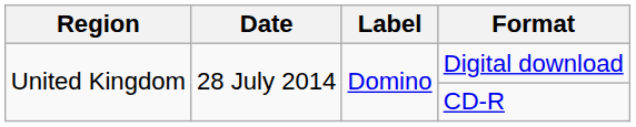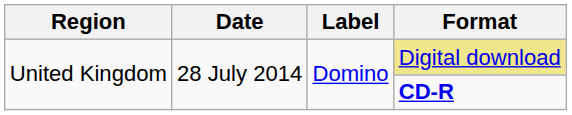 <table class="wikitable plainrowheaders">
 <tr>
 <th scope="col">Region</th>
 <th scope="col">Date</th>
 <th scope="col">Label</th>
 <th scope="col">Format</th>
 </tr>
 <tr>
 <td rowspan="2">United Kingdom</td>
 <td rowspan="2">28 July 2014</td>
 <td rowspan="2"><a href='#'>Domino</a></td>
-<td><a href='#'>Digital download</a></td>
+<td style="background: khaki;"><a href='#'>Digital download</a></td>
 </tr>
 <tr>
-<td><a href='#'>CD-R</a></td>
+<td><strong><a href='#'>CD-R</a></strong></td>
 </tr>
 </table>
